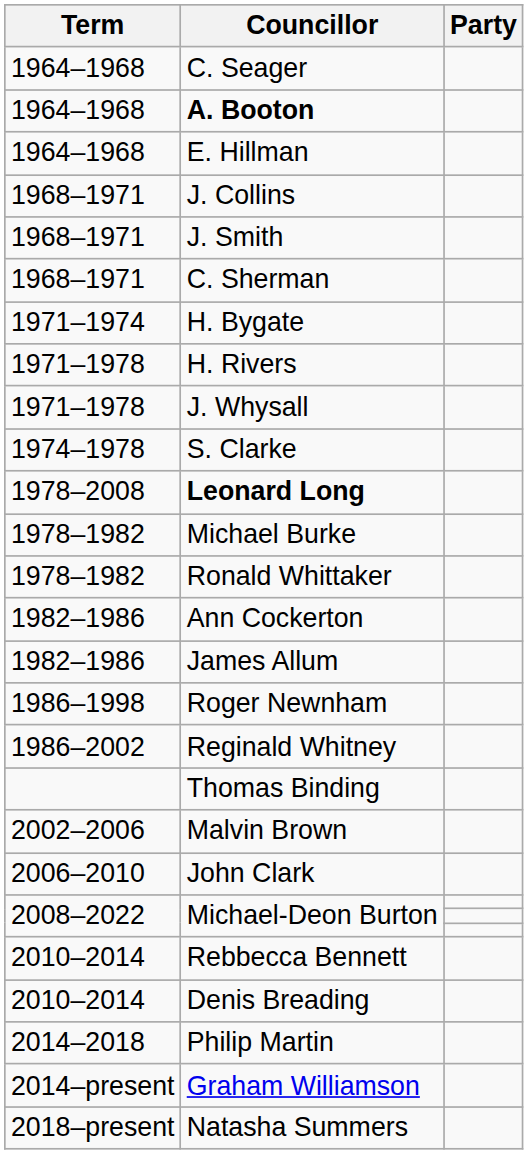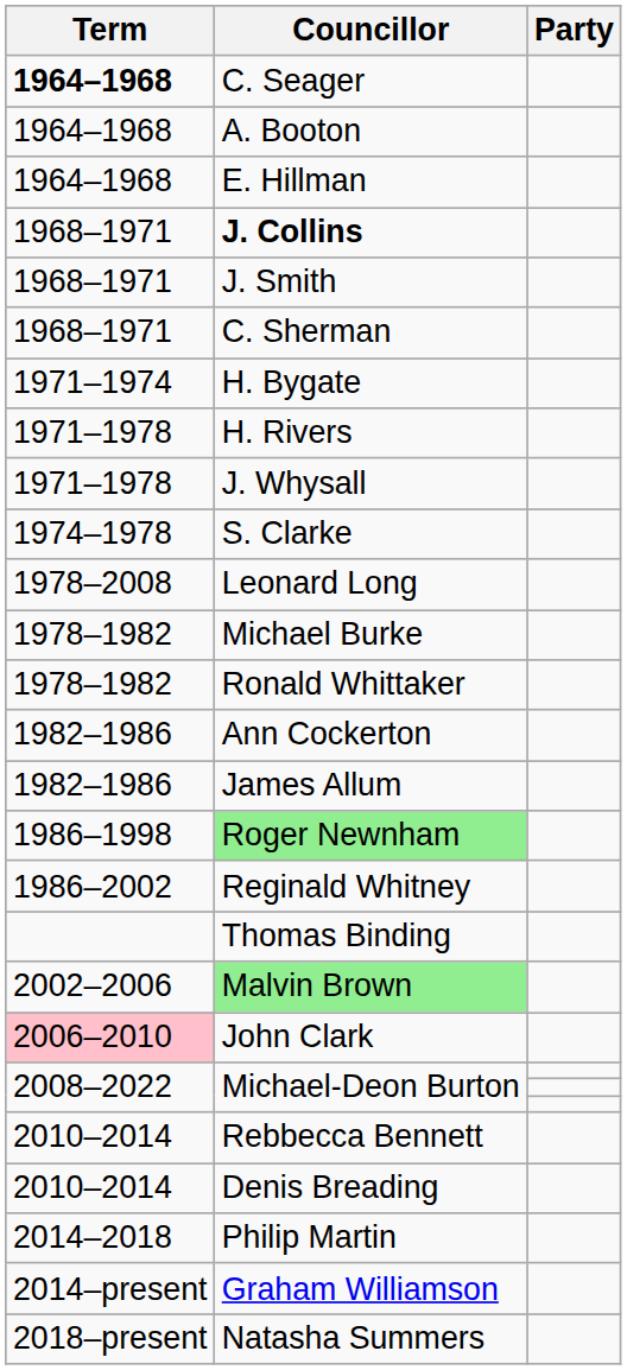 <table class="wikitable">
 <tr>
 <th>Term</th>
 <th>Councillor</th>
 <th colspan=2>Party</th>
 </tr>
 <tr>
-<td>1964–1968</td>
+<td><strong>1964–1968</strong></td>
 <td>C. Seager</td>
 <td></td>
 </tr>
 <tr>
 <td>1964–1968</td>
-<td><strong>A. Booton</strong></td>
+<td>A. Booton</td>
 <td></td>
 </tr>
 <tr>
 <td>1964–1968</td>
 <td>E. Hillman</td>
 <td></td>
 </tr>
 <tr>
 <td>1968–1971</td>
-<td>J. Collins</td>
+<td><strong>J. Collins</strong></td>
 <td></td>
 </tr>
 <tr>
 <td>1968–1971</td>
 <td>J. Smith</td>
 <td></td>
 </tr>
 <tr>
 <td>1968–1971</td>
 <td>C. Sherman</td>
 <td></td>
 </tr>
 <tr>
 <td>1971–1974</td>
 <td>H. Bygate</td>
 <td></td>
 </tr>
 <tr>
 <td>1971–1978</td>
 <td>H. Rivers</td>
 <td></td>
 </tr>
 <tr>
 <td>1971–1978</td>
 <td>J. Whysall</td>
 <td></td>
 </tr>
 <tr>
 <td>1974–1978</td>
 <td>S. Clarke</td>
 <td></td>
 </tr>
 <tr>
 <td>1978–2008</td>
-<td><strong>Leonard Long</strong></td>
+<td>Leonard Long</td>
 <td></td>
 </tr>
 <tr>
 <td>1978–1982</td>
 <td>Michael Burke</td>
 <td></td>
 </tr>
 <tr>
 <td>1978–1982</td>
 <td>Ronald Whittaker</td>
 <td></td>
 </tr>
 <tr>
 <td>1982–1986</td>
 <td>Ann Cockerton</td>
 <td></td>
 </tr>
 <tr>
 <td>1982–1986</td>
 <td>James Allum</td>
 <td></td>
 </tr>
 <tr>
 <td>1986–1998</td>
-<td>Roger Newnham</td>
+<td style="background: lightgreen;">Roger Newnham</td>
 <td></td>
 </tr>
 <tr>
 <td>1986–2002</td>
 <td>Reginald Whitney</td>
 <td></td>
 </tr>
 <tr>
 <td></td>
 <td>Thomas Binding</td>
 <td></td>
 </tr>
 <tr>
 <td>2002–2006</td>
-<td>Malvin Brown</td>
+<td style="background: lightgreen;">Malvin Brown</td>
 <td></td>
 </tr>
 <tr>
-<td>2006–2010</td>
+<td style="background: pink;">2006–2010</td>
 <td>John Clark</td>
 <td></td>
 </tr>
 <tr>
 <td rowspan=3>2008–2022</td>
 <td rowspan=3>Michael-Deon Burton</td>
 <td></td>
 </tr>
 <tr>
 <td></td>
 </tr>
 <tr>
 <td></td>
 </tr>
 <tr>
 <td>2010–2014</td>
 <td>Rebbecca Bennett</td>
 <td></td>
 </tr>
 <tr>
 <td>2010–2014</td>
 <td>Denis Breading</td>
 <td></td>
 </tr>
 <tr>
 <td>2014–2018</td>
 <td>Philip Martin</td>
 <td></td>
 </tr>
 <tr>
 <td>2014–present</td>
 <td><a href='#'>Graham Williamson</a></td>
 <td></td>
 </tr>
 <tr>
 <td>2018–present</td>
 <td>Natasha Summers</td>
 <td></td>
 </tr>
 </table>
